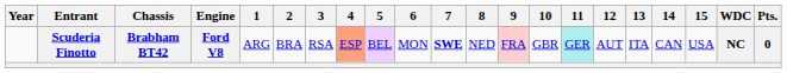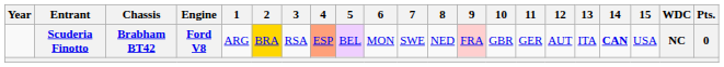 <table class="wikitable" style="text-align:center; font-size:90%">
 <tr>
 <th>Year</th>
 <th>Entrant</th>
 <th>Chassis</th>
 <th>Engine</th>
 <th>1</th>
 <th>2</th>
 <th>3</th>
 <th>4</th>
 <th>5</th>
 <th>6</th>
 <th>7</th>
 <th>8</th>
 <th>9</th>
 <th>10</th>
 <th>11</th>
 <th>12</th>
 <th>13</th>
 <th>14</th>
 <th>15</th>
 <th>WDC</th>
 <th>Pts.</th>
 </tr>
 <tr>
 <td></td>
 <th><a href='#'>Scuderia Finotto</a></th>
 <th><a href='#'>Brabham</a> <a href='#'>BT42</a></th>
 <th><a href='#'>Ford</a> <a href='#'>V8</a></th>
 <td><a href='#'>ARG</a></td>
-<td><a href='#'>BRA</a></td>
+<td style="background: gold;"><a href='#'>BRA</a></td>
 <td><a href='#'>RSA</a></td>
 <td style="background: lightsalmon;"><a href='#'>ESP</a></td>
 <td style="background:#EFCFFF;"><a href='#'>BEL</a><br></td>
 <td><a href='#'>MON</a></td>
-<td><strong><a href='#'>SWE</a></strong></td>
+<td><a href='#'>SWE</a></td>
 <td><a href='#'>NED</a></td>
 <td style="background:#FFCFCF;"><a href='#'>FRA</a><br></td>
 <td><a href='#'>GBR</a></td>
-<td style="background: paleturquoise;"><a href='#'>GER</a></td>
+<td><a href='#'>GER</a></td>
 <td><a href='#'>AUT</a></td>
 <td><a href='#'>ITA</a></td>
-<td><a href='#'>CAN</a></td>
+<td><strong><a href='#'>CAN</a></strong></td>
 <td><a href='#'>USA</a></td>
 <th>NC</th>
 <th>0</th>
 </tr>
 <tr>
 <th colspan="21"></th>
 </tr>
 </table>
